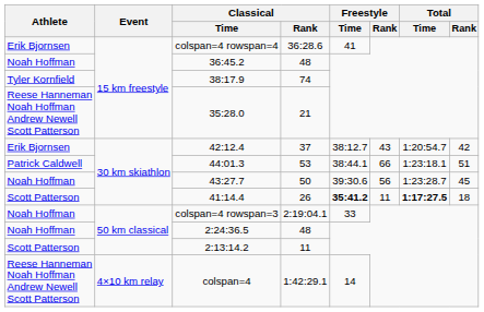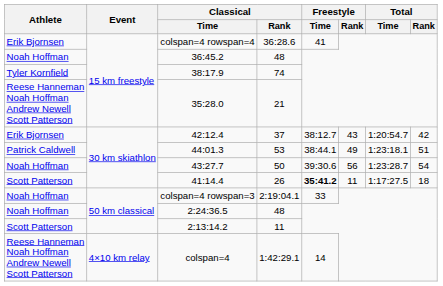 <table class=wikitable style=font-size:90%;text-align:center>
 <tr>
 <th rowspan=2>Athlete</th>
 <th rowspan=2>Event</th>
 <th colspan=2>Classical</th>
 <th colspan=2>Freestyle</th>
 <th colspan=2>Total</th>
 </tr>
 <tr style=font-size:95%>
 <th>Time</th>
 <th>Rank</th>
 <th>Time</th>
 <th>Rank</th>
 <th>Time</th>
 <th>Rank</th>
 </tr>
 <tr>
 <td align=left><a href='#'>Erik Bjornsen</a></td>
 <td style="text-align:left;" rowspan="4"><a href='#'>15 km freestyle</a></td>
 <td>colspan=4 rowspan=4 </td>
 <td>36:28.6</td>
 <td>41</td>
 </tr>
 <tr>
 <td align=left><a href='#'>Noah Hoffman</a></td>
 <td>36:45.2</td>
 <td>48</td>
 </tr>
 <tr>
 <td align=left><a href='#'>Tyler Kornfield</a></td>
 <td>38:17.9</td>
 <td>74</td>
 </tr>
 <tr>
 <td align=left><a href='#'>Reese Hanneman</a><br><a href='#'>Noah Hoffman</a><br><a href='#'>Andrew Newell</a><br><a href='#'>Scott Patterson</a></td>
 <td>35:28.0</td>
 <td>21</td>
 </tr>
 <tr>
 <td align=left><a href='#'>Erik Bjornsen</a></td>
 <td style="text-align:left;" rowspan="4"><a href='#'>30 km skiathlon</a></td>
 <td>42:12.4</td>
 <td>37</td>
 <td>38:12.7</td>
 <td>43</td>
 <td>1:20:54.7</td>
 <td>42</td>
 </tr>
 <tr>
 <td align=left><a href='#'>Patrick Caldwell</a></td>
 <td>44:01.3</td>
 <td>53</td>
 <td>38:44.1</td>
-<td>66</td>
+<td>49</td>
 <td>1:23:18.1</td>
 <td>51</td>
 </tr>
 <tr>
 <td align=left><a href='#'>Noah Hoffman</a></td>
 <td>43:27.7</td>
 <td>50</td>
 <td>39:30.6</td>
 <td>56</td>
 <td>1:23:28.7</td>
-<td>45</td>
+<td>54</td>
 </tr>
 <tr>
 <td align=left><a href='#'>Scott Patterson</a></td>
 <td>41:14.4</td>
 <td>26</td>
 <td><strong>35:41.2</strong></td>
 <td>11</td>
-<td><strong>1:17:27.5</strong></td>
+<td>1:17:27.5</td>
 <td>18</td>
 </tr>
 <tr>
 <td align=left><a href='#'>Noah Hoffman</a></td>
 <td style="text-align:left;" rowspan="3"><a href='#'>50 km classical</a></td>
 <td>colspan=4 rowspan=3 </td>
 <td>2:19:04.1</td>
 <td>33</td>
 </tr>
 <tr>
 <td align=left><a href='#'>Noah Hoffman</a></td>
 <td>2:24:36.5</td>
 <td>48</td>
 </tr>
 <tr>
 <td align=left><a href='#'>Scott Patterson</a></td>
 <td>2:13:14.2</td>
 <td>11</td>
 </tr>
 <tr>
 <td align=left><a href='#'>Reese Hanneman</a><br><a href='#'>Noah Hoffman</a><br><a href='#'>Andrew Newell</a><br><a href='#'>Scott Patterson</a></td>
 <td align=left><a href='#'>4×10 km relay</a></td>
 <td>colspan=4 </td>
 <td>1:42:29.1</td>
 <td>14</td>
 </tr>
 </table>
